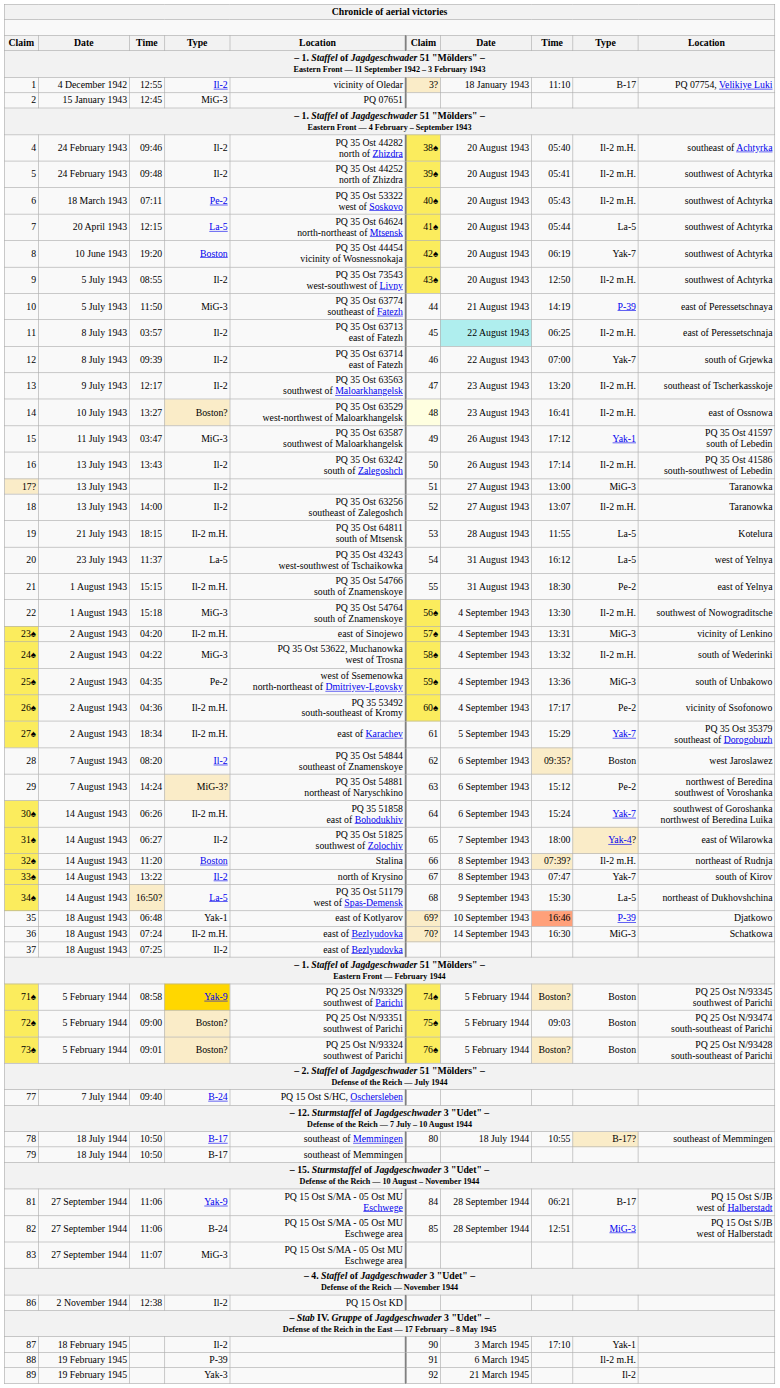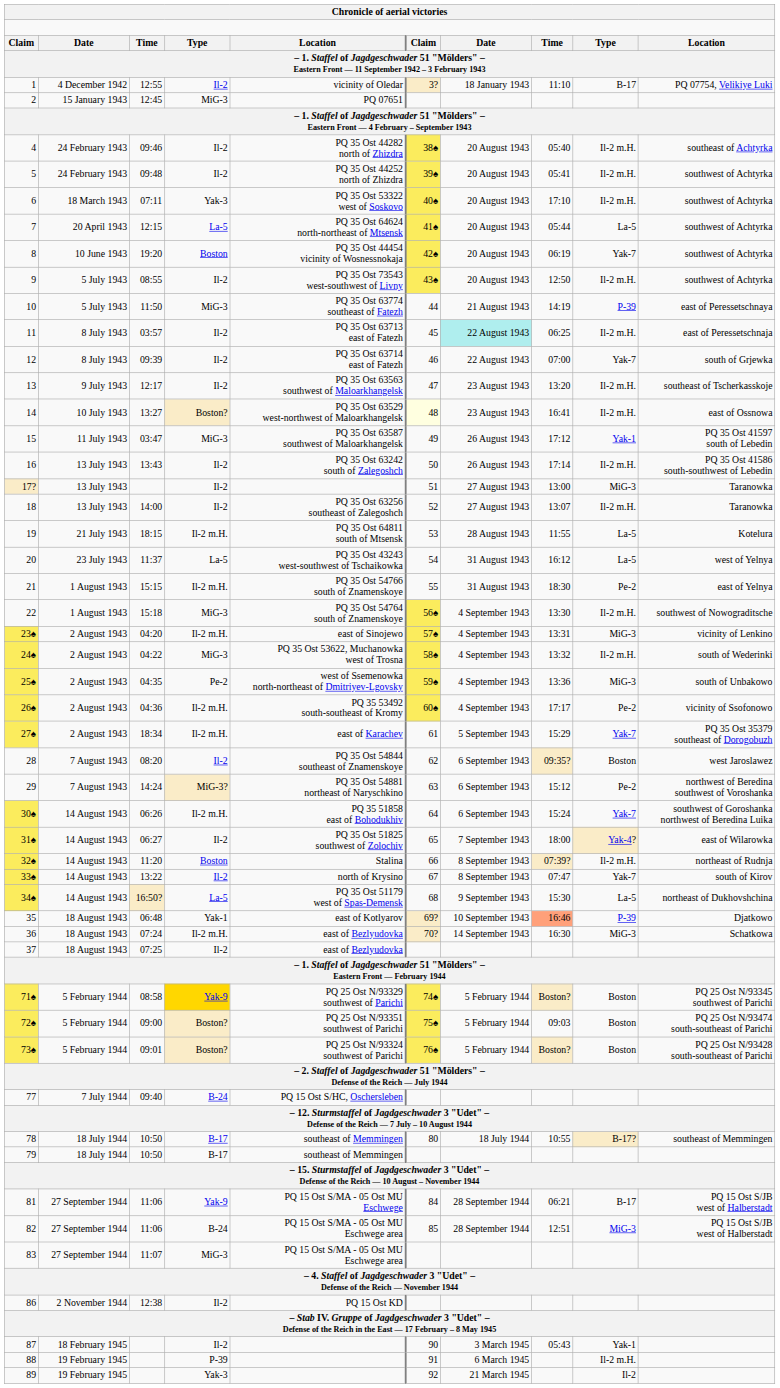 <table class="wikitable plainrowheaders collapsible" style="margin-left: auto; margin-right: auto; border: none; text-align:right; width: 100%;">
 <tr>
 <th colspan="10">Chronicle of aerial victories</th>
 </tr>
 <tr>
 <td colspan="10" style="text-align: left;"><br> </td>
 </tr>
 <tr>
 <th scope="col">Claim</th>
 <th scope="col">Date</th>
 <th scope="col">Time</th>
 <th scope="col" width="100px">Type</th>
 <th scope="col">Location</th>
 <th scope="col" style="border-left: 3px solid grey;">Claim</th>
 <th scope="col">Date</th>
 <th scope="col">Time</th>
 <th scope="col" width="100px">Type</th>
 <th scope="col">Location</th>
 </tr>
 <tr>
 <th colspan="10">– 1. <em>Staffel</em> of <em>Jagdgeschwader</em> 51 "Mölders" –<br><small>Eastern Front — 11 September 1942 – 3 February 1943</small></th>
 </tr>
 <tr>
 <td>1</td>
 <td>4 December 1942</td>
 <td>12:55</td>
 <td><a href='#'>Il-2</a></td>
 <td>vicinity of Oledar</td>
 <td style="border-left: 3px solid grey; background:#faecc8">3?</td>
 <td>18 January 1943</td>
 <td>11:10</td>
 <td>B-17</td>
 <td>PQ 07754, <a href='#'>Velikiye Luki</a></td>
 </tr>
 <tr>
 <td>2</td>
 <td>15 January 1943</td>
 <td>12:45</td>
 <td>MiG-3</td>
 <td>PQ 07651</td>
 <td style="border-left: 3px solid grey;"></td>
 <td></td>
 <td></td>
 <td></td>
 <td></td>
 </tr>
 <tr>
 <th colspan="10">– 1. <em>Staffel</em> of <em>Jagdgeschwader</em> 51 "Mölders" –<br><small>Eastern Front — 4 February – September 1943</small></th>
 </tr>
 <tr>
 <td>4</td>
 <td>24 February 1943</td>
 <td>09:46</td>
 <td>Il-2</td>
 <td>PQ 35 Ost 44282<br> north of <a href='#'>Zhizdra</a></td>
 <td style="border-left: 3px solid grey; background:#fbec5d;">38♠</td>
 <td>20 August 1943</td>
 <td>05:40</td>
 <td>Il-2 m.H.</td>
 <td>southeast of <a href='#'>Achtyrka</a></td>
 </tr>
 <tr>
 <td>5</td>
 <td>24 February 1943</td>
 <td>09:48</td>
 <td>Il-2</td>
 <td>PQ 35 Ost 44252<br> north of Zhizdra</td>
 <td style="border-left: 3px solid grey; background:#fbec5d;">39♠</td>
 <td>20 August 1943</td>
 <td>05:41</td>
 <td>Il-2 m.H.</td>
 <td>southwest of Achtyrka</td>
 </tr>
 <tr>
 <td>6</td>
 <td>18 March 1943</td>
 <td>07:11</td>
-<td><a href='#'>Pe-2</a></td>
+<td>Yak-3</td>
 <td>PQ 35 Ost 53322<br> west of <a href='#'>Soskovo</a></td>
 <td style="border-left: 3px solid grey; background:#fbec5d;">40♠</td>
 <td>20 August 1943</td>
-<td>05:43</td>
+<td>17:10</td>
 <td>Il-2 m.H.</td>
 <td>southwest of Achtyrka</td>
 </tr>
 <tr>
 <td>7</td>
 <td>20 April 1943</td>
 <td>12:15</td>
 <td><a href='#'>La-5</a></td>
 <td>PQ 35 Ost 64624<br> north-northeast of <a href='#'>Mtsensk</a></td>
 <td style="border-left: 3px solid grey; background:#fbec5d;">41♠</td>
 <td>20 August 1943</td>
 <td>05:44</td>
 <td>La-5</td>
 <td>southwest of Achtyrka</td>
 </tr>
 <tr>
 <td>8</td>
 <td>10 June 1943</td>
 <td>19:20</td>
 <td><a href='#'>Boston</a></td>
 <td>PQ 35 Ost 44454<br>vicinity of Wosnessnokaja</td>
 <td style="border-left: 3px solid grey; background:#fbec5d;">42♠</td>
 <td>20 August 1943</td>
 <td>06:19</td>
 <td>Yak-7</td>
 <td>southwest of Achtyrka</td>
 </tr>
 <tr>
 <td>9</td>
 <td>5 July 1943</td>
 <td>08:55</td>
 <td>Il-2</td>
 <td>PQ 35 Ost 73543<br> west-southwest of <a href='#'>Livny</a></td>
 <td style="border-left: 3px solid grey; background:#fbec5d;">43♠</td>
 <td>20 August 1943</td>
 <td>12:50</td>
 <td>Il-2 m.H.</td>
 <td>southwest of Achtyrka</td>
 </tr>
 <tr>
 <td>10</td>
 <td>5 July 1943</td>
 <td>11:50</td>
 <td>MiG-3</td>
 <td>PQ 35 Ost 63774<br> southeast of <a href='#'>Fatezh</a></td>
 <td style="border-left: 3px solid grey;">44</td>
 <td>21 August 1943</td>
 <td>14:19</td>
 <td><a href='#'>P-39</a></td>
 <td>east of Peressetschnaya</td>
 </tr>
 <tr>
 <td>11</td>
 <td>8 July 1943</td>
 <td>03:57</td>
 <td>Il-2</td>
 <td>PQ 35 Ost 63713<br> east of Fatezh</td>
 <td style="border-left: 3px solid grey;">45</td>
 <td style="background: paleturquoise;">22 August 1943</td>
 <td>06:25</td>
 <td>Il-2 m.H.</td>
 <td>east of Peressetschnaja</td>
 </tr>
 <tr>
 <td>12</td>
 <td>8 July 1943</td>
 <td>09:39</td>
 <td>Il-2</td>
 <td>PQ 35 Ost 63714<br> east of Fatezh</td>
 <td style="border-left: 3px solid grey;">46</td>
 <td>22 August 1943</td>
 <td>07:00</td>
 <td>Yak-7</td>
 <td>south of Grjewka</td>
 </tr>
 <tr>
 <td>13</td>
 <td>9 July 1943</td>
 <td>12:17</td>
 <td>Il-2</td>
 <td>PQ 35 Ost 63563<br> southwest of <a href='#'>Maloarkhangelsk</a></td>
 <td style="border-left: 3px solid grey;">47</td>
 <td>23 August 1943</td>
 <td>13:20</td>
 <td>Il-2 m.H.</td>
 <td>southeast of Tscherkasskoje</td>
 </tr>
 <tr>
 <td>14</td>
 <td>10 July 1943</td>
 <td>13:27</td>
 <td style="background:#faecc8">Boston?</td>
 <td>PQ 35 Ost 63529<br> west-northwest of Maloarkhangelsk</td>
 <td style="background: lightyellow; border-left: 3px solid grey;">48</td>
 <td>23 August 1943</td>
 <td>16:41</td>
 <td>Il-2 m.H.</td>
 <td>east of Ossnowa</td>
 </tr>
 <tr>
 <td>15</td>
 <td>11 July 1943</td>
 <td>03:47</td>
 <td>MiG-3</td>
 <td>PQ 35 Ost 63587<br> southwest of Maloarkhangelsk</td>
 <td style="border-left: 3px solid grey;">49</td>
 <td>26 August 1943</td>
 <td>17:12</td>
 <td><a href='#'>Yak-1</a></td>
 <td>PQ 35 Ost 41597<br> south of Lebedin</td>
 </tr>
 <tr>
 <td>16</td>
 <td>13 July 1943</td>
 <td>13:43</td>
 <td>Il-2</td>
 <td>PQ 35 Ost 63242<br> south of <a href='#'>Zalegoshch</a></td>
 <td style="border-left: 3px solid grey;">50</td>
 <td>26 August 1943</td>
 <td>17:14</td>
 <td>Il-2 m.H.</td>
 <td>PQ 35 Ost 41586<br> south-southwest of Lebedin</td>
 </tr>
 <tr>
 <td style="background:#faecc8">17?</td>
 <td>13 July 1943</td>
 <td></td>
 <td>Il-2</td>
 <td></td>
 <td style="border-left: 3px solid grey;">51</td>
 <td>27 August 1943</td>
 <td>13:00</td>
 <td>MiG-3</td>
 <td>Taranowka</td>
 </tr>
 <tr>
 <td>18</td>
 <td>13 July 1943</td>
 <td>14:00</td>
 <td>Il-2</td>
 <td>PQ 35 Ost 63256<br> southeast of Zalegoshch</td>
 <td style="border-left: 3px solid grey;">52</td>
 <td>27 August 1943</td>
 <td>13:07</td>
 <td>Il-2 m.H.</td>
 <td>Taranowka</td>
 </tr>
 <tr>
 <td>19</td>
 <td>21 July 1943</td>
 <td>18:15</td>
 <td>Il-2 m.H.</td>
 <td>PQ 35 Ost 64811<br> south of Mtsensk</td>
 <td style="border-left: 3px solid grey;">53</td>
 <td>28 August 1943</td>
 <td>11:55</td>
 <td>La-5</td>
 <td>Kotelura</td>
 </tr>
 <tr>
 <td>20</td>
 <td>23 July 1943</td>
 <td>11:37</td>
 <td>La-5</td>
 <td>PQ 35 Ost 43243<br> west-southwest of Tschaikowka</td>
 <td style="border-left: 3px solid grey;">54</td>
 <td>31 August 1943</td>
 <td>16:12</td>
 <td>La-5</td>
 <td> west of Yelnya</td>
 </tr>
 <tr>
 <td>21</td>
 <td>1 August 1943</td>
 <td>15:15</td>
 <td>Il-2 m.H.</td>
 <td>PQ 35 Ost 54766<br> south of Znamenskoye</td>
 <td style="border-left: 3px solid grey;">55</td>
 <td>31 August 1943</td>
 <td>18:30</td>
 <td>Pe-2</td>
 <td> east of Yelnya</td>
 </tr>
 <tr>
 <td>22</td>
 <td>1 August 1943</td>
 <td>15:18</td>
 <td>MiG-3</td>
 <td>PQ 35 Ost 54764<br> south of Znamenskoye</td>
 <td style="border-left: 3px solid grey; background:#fbec5d;">56♠</td>
 <td>4 September 1943</td>
 <td>13:30</td>
 <td>Il-2 m.H.</td>
 <td> southwest of Nowograditsche</td>
 </tr>
 <tr>
 <td style="background:#fbec5d;">23♠</td>
 <td>2 August 1943</td>
 <td>04:20</td>
 <td>Il-2 m.H.</td>
 <td>east of Sinojewo</td>
 <td style="border-left: 3px solid grey; background:#fbec5d;">57♠</td>
 <td>4 September 1943</td>
 <td>13:31</td>
 <td>MiG-3</td>
 <td>vicinity of Lenkino</td>
 </tr>
 <tr>
 <td style="background:#fbec5d;">24♠</td>
 <td>2 August 1943</td>
 <td>04:22</td>
 <td>MiG-3</td>
 <td>PQ 35 Ost 53622, Muchanowka<br> west of Trosna</td>
 <td style="border-left: 3px solid grey; background:#fbec5d;">58♠</td>
 <td>4 September 1943</td>
 <td>13:32</td>
 <td>Il-2 m.H.</td>
 <td> south of Wederinki</td>
 </tr>
 <tr>
 <td style="background:#fbec5d;">25♠</td>
 <td>2 August 1943</td>
 <td>04:35</td>
 <td>Pe-2</td>
 <td>west of Ssemenowka<br> north-northeast of <a href='#'>Dmitriyev-Lgovsky</a></td>
 <td style="border-left: 3px solid grey; background:#fbec5d;">59♠</td>
 <td>4 September 1943</td>
 <td>13:36</td>
 <td>MiG-3</td>
 <td> south of Unbakowo</td>
 </tr>
 <tr>
 <td style="background:#fbec5d;">26♠</td>
 <td>2 August 1943</td>
 <td>04:36</td>
 <td>Il-2 m.H.</td>
 <td>PQ 35 53492<br> south-southeast of Kromy</td>
 <td style="border-left: 3px solid grey; background:#fbec5d;">60♠</td>
 <td>4 September 1943</td>
 <td>17:17</td>
 <td>Pe-2</td>
 <td>vicinity of Ssofonowo</td>
 </tr>
 <tr>
 <td style="background:#fbec5d;">27♠</td>
 <td>2 August 1943</td>
 <td>18:34</td>
 <td>Il-2 m.H.</td>
 <td>east of <a href='#'>Karachev</a></td>
 <td style="border-left: 3px solid grey;">61</td>
 <td>5 September 1943</td>
 <td>15:29</td>
 <td><a href='#'>Yak-7</a></td>
 <td>PQ 35 Ost 35379<br> southeast of <a href='#'>Dorogobuzh</a></td>
 </tr>
 <tr>
 <td>28</td>
 <td>7 August 1943</td>
 <td>08:20</td>
 <td><a href='#'>Il-2</a></td>
 <td>PQ 35 Ost 54844<br> southeast of Znamenskoye</td>
 <td style="border-left: 3px solid grey;">62</td>
 <td>6 September 1943</td>
 <td style="background:#faecc8">09:35?</td>
 <td>Boston</td>
 <td> west Jaroslawez</td>
 </tr>
 <tr>
 <td>29</td>
 <td>7 August 1943</td>
 <td>14:24</td>
 <td style="background:#faecc8">MiG-3?</td>
 <td>PQ 35 Ost 54881<br> northeast of Naryschkino</td>
 <td style="border-left: 3px solid grey;">63</td>
 <td>6 September 1943</td>
 <td>15:12</td>
 <td>Pe-2</td>
 <td> northwest of Beredina<br> southwest of Voroshanka</td>
 </tr>
 <tr>
 <td style="background:#fbec5d;">30♠</td>
 <td>14 August 1943</td>
 <td>06:26</td>
 <td>Il-2 m.H.</td>
 <td>PQ 35 51858<br> east of <a href='#'>Bohodukhiv</a></td>
 <td style="border-left: 3px solid grey;">64</td>
 <td>6 September 1943</td>
 <td>15:24</td>
 <td><a href='#'>Yak-7</a></td>
 <td> southwest of Goroshanka<br> northwest of Beredina Luika</td>
 </tr>
 <tr>
 <td style="background:#fbec5d;">31♠</td>
 <td>14 August 1943</td>
 <td>06:27</td>
 <td>Il-2</td>
 <td>PQ 35 Ost 51825<br> southwest of <a href='#'>Zolochiv</a></td>
 <td style="border-left: 3px solid grey;">65</td>
 <td>7 September 1943</td>
 <td>18:00</td>
 <td style="background:#faecc8"><a href='#'>Yak-4</a>?</td>
 <td> east of Wilarowka</td>
 </tr>
 <tr>
 <td style="background:#fbec5d;">32♠</td>
 <td>14 August 1943</td>
 <td>11:20</td>
 <td><a href='#'>Boston</a></td>
 <td>Stalina</td>
 <td style="border-left: 3px solid grey;">66</td>
 <td>8 September 1943</td>
 <td style="background:#faecc8">07:39?</td>
 <td>Il-2 m.H.</td>
 <td> northeast of Rudnja</td>
 </tr>
 <tr>
 <td style="background:#fbec5d;">33♠</td>
 <td>14 August 1943</td>
 <td>13:22</td>
 <td><a href='#'>Il-2</a></td>
 <td>north of Krysino</td>
 <td style="border-left: 3px solid grey;">67</td>
 <td>8 September 1943</td>
 <td>07:47</td>
 <td>Yak-7</td>
 <td> south of Kirov</td>
 </tr>
 <tr>
 <td style="background:#fbec5d;">34♠</td>
 <td>14 August 1943</td>
 <td style="background:#faecc8">16:50?</td>
 <td><a href='#'>La-5</a></td>
 <td>PQ 35 Ost 51179<br> west of <a href='#'>Spas-Demensk</a></td>
 <td style="border-left: 3px solid grey;">68</td>
 <td>9 September 1943</td>
 <td>15:30</td>
 <td>La-5</td>
 <td> northeast of Dukhovshchina</td>
 </tr>
 <tr>
 <td>35</td>
 <td>18 August 1943</td>
 <td>06:48</td>
 <td>Yak-1</td>
 <td>east of Kotlyarov</td>
 <td style="border-left: 3px solid grey; background:#faecc8">69?</td>
 <td>10 September 1943</td>
 <td style="background: lightsalmon;">16:46</td>
 <td><a href='#'>P-39</a></td>
 <td>Djatkowo</td>
 </tr>
 <tr>
 <td>36</td>
 <td>18 August 1943</td>
 <td>07:24</td>
 <td>Il-2 m.H.</td>
 <td>east of <a href='#'>Bezlyudovka</a></td>
 <td style="border-left: 3px solid grey; background:#faecc8">70?</td>
 <td>14 September 1943</td>
 <td>16:30</td>
 <td>MiG-3</td>
 <td>Schatkowa</td>
 </tr>
 <tr>
 <td>37</td>
 <td>18 August 1943</td>
 <td>07:25</td>
 <td>Il-2</td>
 <td>east of <a href='#'>Bezlyudovka</a></td>
 <td style="border-left: 3px solid grey;"></td>
 <td></td>
 <td></td>
 <td></td>
 <td></td>
 </tr>
 <tr>
 <th colspan="10">– 1. <em>Staffel</em> of <em>Jagdgeschwader</em> 51 "Mölders" –<br><small>Eastern Front — February 1944</small></th>
 </tr>
 <tr>
 <td style="background:#fbec5d;">71♠</td>
 <td>5 February 1944</td>
 <td>08:58</td>
 <td style="background: gold;"><a href='#'>Yak-9</a></td>
 <td>PQ 25 Ost N/93329<br> southwest of <a href='#'>Parichi</a></td>
 <td style="border-left: 3px solid grey; background:#fbec5d;">74♠</td>
 <td>5 February 1944</td>
 <td style="background:#faecc8">Boston?</td>
 <td>Boston</td>
 <td>PQ 25 Ost N/93345<br> southwest of Parichi</td>
 </tr>
 <tr>
 <td style="background:#fbec5d;">72♠</td>
 <td>5 February 1944</td>
 <td>09:00</td>
 <td style="background:#faecc8">Boston?</td>
 <td>PQ 25 Ost N/93351<br> southwest of Parichi</td>
 <td style="border-left: 3px solid grey; background:#fbec5d;">75♠</td>
 <td>5 February 1944</td>
 <td>09:03</td>
 <td>Boston</td>
 <td>PQ 25 Ost N/93474<br> south-southeast of Parichi</td>
 </tr>
 <tr>
 <td style="background:#fbec5d;">73♠</td>
 <td>5 February 1944</td>
 <td>09:01</td>
 <td style="background:#faecc8">Boston?</td>
 <td>PQ 25 Ost N/93324<br> southwest of Parichi</td>
 <td style="border-left: 3px solid grey; background:#fbec5d;">76♠</td>
 <td>5 February 1944</td>
 <td style="background:#faecc8">Boston?</td>
 <td>Boston</td>
 <td>PQ 25 Ost N/93428<br> south-southeast of Parichi</td>
 </tr>
 <tr>
 <th colspan="10">– 2. <em>Staffel</em> of <em>Jagdgeschwader</em> 51 "Mölders" –<br><small>Defense of the Reich — July 1944</small></th>
 </tr>
 <tr>
 <td>77</td>
 <td>7 July 1944</td>
 <td>09:40</td>
 <td><a href='#'>B-24</a></td>
 <td>PQ 15 Ost S/HC, <a href='#'>Oschersleben</a></td>
 <td style="border-left: 3px solid grey;"></td>
 <td></td>
 <td></td>
 <td></td>
 <td></td>
 </tr>
 <tr>
 <th colspan="10">– 12. <em>Sturmstaffel</em> of <em>Jagdgeschwader</em> 3 "Udet" –<br><small>Defense of the Reich — 7 July – 10 August 1944</small></th>
 </tr>
 <tr>
 <td>78</td>
 <td>18 July 1944</td>
 <td>10:50</td>
 <td><a href='#'>B-17</a></td>
 <td> southeast of <a href='#'>Memmingen</a></td>
 <td style="border-left: 3px solid grey;">80</td>
 <td>18 July 1944</td>
 <td>10:55</td>
 <td style="background:#faecc8">B-17?</td>
 <td> southeast of Memmingen</td>
 </tr>
 <tr>
 <td>79</td>
 <td>18 July 1944</td>
 <td>10:50</td>
 <td>B-17</td>
 <td> southeast of Memmingen</td>
 <td style="border-left: 3px solid grey;"></td>
 <td></td>
 <td></td>
 <td></td>
 <td></td>
 </tr>
 <tr>
 <th colspan="10">– 15. <em>Sturmstaffel</em> of <em>Jagdgeschwader</em> 3 "Udet" –<br><small>Defense of the Reich — 10 August – November 1944</small></th>
 </tr>
 <tr>
 <td>81</td>
 <td>27 September 1944</td>
 <td>11:06</td>
 <td><a href='#'>Yak-9</a></td>
 <td>PQ 15 Ost S/MA - 05 Ost MU<br><a href='#'>Eschwege</a></td>
 <td style="border-left: 3px solid grey;">84</td>
 <td>28 September 1944</td>
 <td>06:21</td>
 <td>B-17</td>
 <td>PQ 15 Ost S/JB<br>west of <a href='#'>Halberstadt</a></td>
 </tr>
 <tr>
 <td>82</td>
 <td>27 September 1944</td>
 <td>11:06</td>
 <td>B-24</td>
 <td>PQ 15 Ost S/MA - 05 Ost MU<br>Eschwege area</td>
 <td style="border-left: 3px solid grey;">85</td>
 <td>28 September 1944</td>
 <td>12:51</td>
 <td><a href='#'>MiG-3</a></td>
 <td>PQ 15 Ost S/JB<br>west of Halberstadt</td>
 </tr>
 <tr>
 <td>83</td>
 <td>27 September 1944</td>
 <td>11:07</td>
 <td>MiG-3</td>
 <td>PQ 15 Ost S/MA - 05 Ost MU<br>Eschwege area</td>
 <td style="border-left: 3px solid grey;"></td>
 <td></td>
 <td></td>
 <td></td>
 <td></td>
 </tr>
 <tr>
 <th colspan="10">– 4. <em>Staffel</em> of <em>Jagdgeschwader</em> 3 "Udet" –<br><small>Defense of the Reich — November 1944</small></th>
 </tr>
 <tr>
 <td>86</td>
 <td>2 November 1944</td>
 <td>12:38</td>
 <td>Il-2</td>
 <td>PQ 15 Ost KD</td>
 <td style="border-left: 3px solid grey;"></td>
 <td></td>
 <td></td>
 <td></td>
 <td></td>
 </tr>
 <tr>
 <th colspan="10">– <em>Stab</em> IV. <em>Gruppe</em> of <em>Jagdgeschwader</em> 3 "Udet" –<br><small>Defense of the Reich in the East — 17 February – 8 May 1945</small></th>
 </tr>
 <tr>
 <td>87</td>
 <td>18 February 1945</td>
 <td></td>
 <td>Il-2</td>
 <td></td>
 <td style="border-left: 3px solid grey;">90</td>
 <td>3 March 1945</td>
-<td>17:10</td>
+<td>05:43</td>
 <td>Yak-1</td>
 <td></td>
 </tr>
 <tr>
 <td>88</td>
 <td>19 February 1945</td>
 <td></td>
 <td>P-39</td>
 <td></td>
 <td style="border-left: 3px solid grey;">91</td>
 <td>6 March 1945</td>
 <td></td>
 <td>Il-2 m.H.</td>
 <td></td>
 </tr>
 <tr>
 <td>89</td>
 <td>19 February 1945</td>
 <td></td>
 <td>Yak-3</td>
 <td></td>
 <td style="border-left: 3px solid grey;">92</td>
 <td>21 March 1945</td>
 <td></td>
 <td>Il-2</td>
 <td></td>
 </tr>
 </table>
